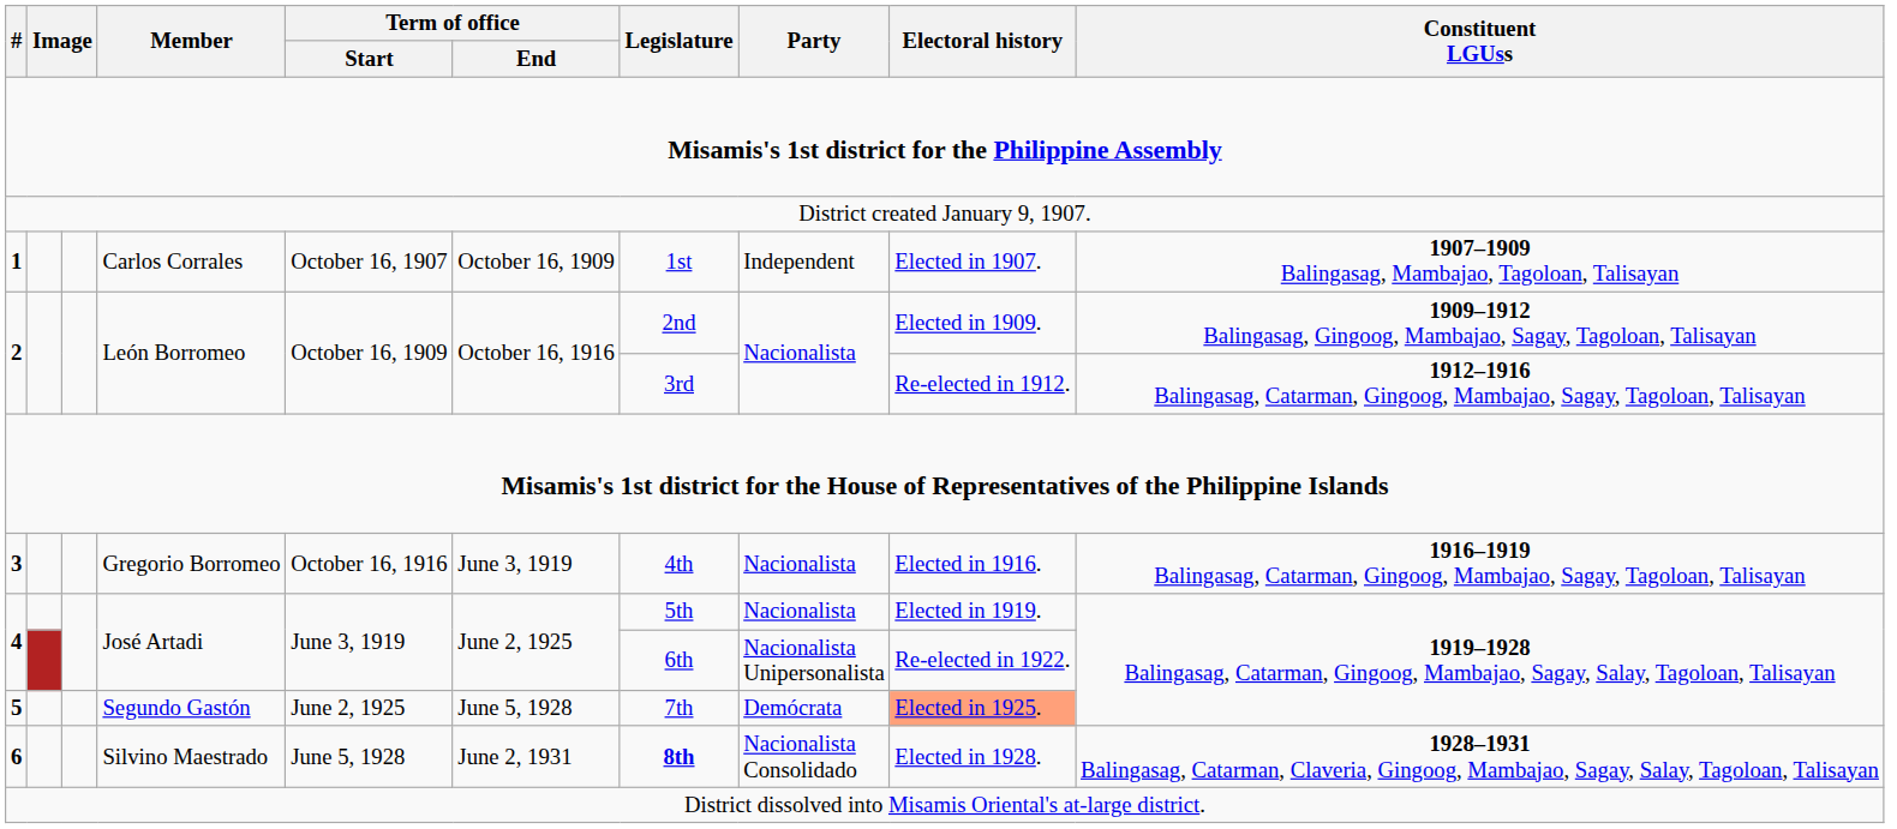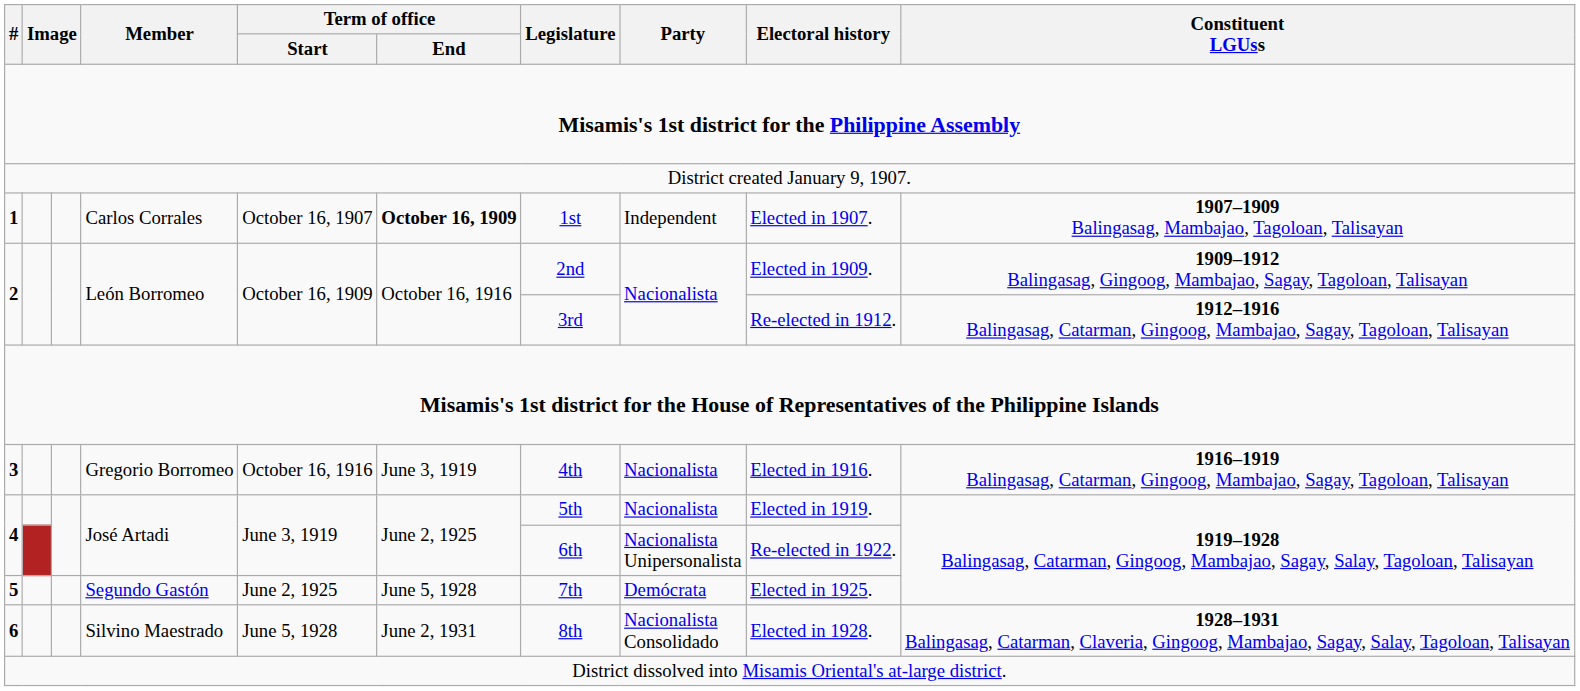 <table class=wikitable>
 <tr>
 <th rowspan="2">#</th>
 <th rowspan="2" colspan=2>Image</th>
 <th rowspan="2">Member</th>
 <th colspan=2>Term of office</th>
 <th rowspan="2">Legislature</th>
 <th rowspan="2">Party</th>
 <th rowspan="2">Electoral history</th>
 <th rowspan="2">Constituent<br><a href='#'>LGUs</a>s</th>
 </tr>
 <tr>
 <th>Start</th>
 <th>End</th>
 </tr>
 <tr>
 <td colspan="10" style="text-align:center;"><br><h3>Misamis's 1st district for the <a href='#'>Philippine Assembly</a></h3></td>
 </tr>
 <tr>
 <td colspan="10" style="text-align:center;">District created January 9, 1907.</td>
 </tr>
 <tr>
 <td style="text-align:center;"><strong>1</strong></td>
 <td style="background:"></td>
 <td></td>
 <td>Carlos Corrales</td>
 <td>October 16, 1907</td>
-<td>October 16, 1909</td>
+<td><strong>October 16, 1909</strong></td>
 <td style="text-align:center;"><a href='#'>1st</a></td>
 <td>Independent</td>
 <td><a href='#'>Elected in 1907</a>.</td>
 <td style="text-align:center;"><strong>1907–1909</strong><br><a href='#'>Balingasag</a>, <a href='#'>Mambajao</a>, <a href='#'>Tagoloan</a>, <a href='#'>Talisayan</a></td>
 </tr>
 <tr>
 <td rowspan="2" style="text-align:center;"><strong>2</strong></td>
 <td rowspan="2" style="background:"></td>
 <td rowspan="2"></td>
 <td rowspan="2">León Borromeo</td>
 <td rowspan="2">October 16, 1909</td>
 <td rowspan="2">October 16, 1916</td>
 <td style="text-align:center;"><a href='#'>2nd</a></td>
 <td rowspan="2"><a href='#'>Nacionalista</a></td>
 <td><a href='#'>Elected in 1909</a>.</td>
 <td style="text-align:center;"><strong>1909–1912</strong><br><a href='#'>Balingasag</a>, <a href='#'>Gingoog</a>, <a href='#'>Mambajao</a>, <a href='#'>Sagay</a>, <a href='#'>Tagoloan</a>, <a href='#'>Talisayan</a></td>
 </tr>
 <tr>
 <td style="text-align:center;"><a href='#'>3rd</a></td>
 <td><a href='#'>Re-elected in 1912</a>.</td>
 <td style="text-align:center;"><strong>1912–1916</strong><br><a href='#'>Balingasag</a>, <a href='#'>Catarman</a>, <a href='#'>Gingoog</a>, <a href='#'>Mambajao</a>, <a href='#'>Sagay</a>, <a href='#'>Tagoloan</a>, <a href='#'>Talisayan</a></td>
 </tr>
 <tr>
 <td colspan="10" style="text-align:center;"><br><h3>Misamis's 1st district for the House of Representatives of the Philippine Islands</h3></td>
 </tr>
 <tr>
 <td style="text-align:center;"><strong>3</strong></td>
 <td style="background:"></td>
 <td></td>
 <td>Gregorio Borromeo</td>
 <td>October 16, 1916</td>
 <td>June 3, 1919</td>
 <td style="text-align:center;"><a href='#'>4th</a></td>
 <td><a href='#'>Nacionalista</a></td>
 <td><a href='#'>Elected in 1916</a>.</td>
 <td style="text-align:center;"><strong>1916–1919</strong><br><a href='#'>Balingasag</a>, <a href='#'>Catarman</a>, <a href='#'>Gingoog</a>, <a href='#'>Mambajao</a>, <a href='#'>Sagay</a>, <a href='#'>Tagoloan</a>, <a href='#'>Talisayan</a></td>
 </tr>
 <tr>
 <td rowspan="2" style="text-align:center;"><strong>4</strong></td>
 <td style="background:"></td>
 <td rowspan="2"></td>
 <td rowspan="2">José Artadi</td>
 <td rowspan="2">June 3, 1919</td>
 <td rowspan="2">June 2, 1925</td>
 <td style="text-align:center;"><a href='#'>5th</a></td>
 <td><a href='#'>Nacionalista</a></td>
 <td><a href='#'>Elected in 1919</a>.</td>
 <td rowspan="3" style="text-align:center;"><strong>1919–1928</strong><br><a href='#'>Balingasag</a>, <a href='#'>Catarman</a>, <a href='#'>Gingoog</a>, <a href='#'>Mambajao</a>, <a href='#'>Sagay</a>, <a href='#'>Salay</a>, <a href='#'>Tagoloan</a>, <a href='#'>Talisayan</a></td>
 </tr>
 <tr>
 <td style="background-color:#B22222"></td>
 <td style="text-align:center;"><a href='#'>6th</a></td>
 <td><a href='#'>Nacionalista</a><br>Unipersonalista</td>
 <td><a href='#'>Re-elected in 1922</a>.</td>
 </tr>
 <tr>
 <td style="text-align:center;"><strong>5</strong></td>
 <td style="background:"></td>
 <td></td>
 <td><a href='#'>Segundo Gastón</a></td>
 <td>June 2, 1925</td>
 <td>June 5, 1928</td>
 <td style="text-align:center;"><a href='#'>7th</a></td>
 <td><a href='#'>Demócrata</a></td>
-<td style="background: lightsalmon;"><a href='#'>Elected in 1925</a>.</td>
+<td><a href='#'>Elected in 1925</a>.</td>
 </tr>
 <tr>
 <td style="text-align:center;"><strong>6</strong></td>
 <td style="background:"></td>
 <td></td>
 <td>Silvino Maestrado</td>
 <td>June 5, 1928</td>
 <td>June 2, 1931</td>
-<td style="text-align:center;"><strong><a href='#'>8th</a></strong></td>
+<td style="text-align:center;"><a href='#'>8th</a></td>
 <td><a href='#'>Nacionalista</a><br>Consolidado</td>
 <td><a href='#'>Elected in 1928</a>.</td>
 <td style="text-align:center;"><strong>1928–1931</strong><br><a href='#'>Balingasag</a>, <a href='#'>Catarman</a>, <a href='#'>Claveria</a>, <a href='#'>Gingoog</a>, <a href='#'>Mambajao</a>, <a href='#'>Sagay</a>, <a href='#'>Salay</a>, <a href='#'>Tagoloan</a>, <a href='#'>Talisayan</a></td>
 </tr>
 <tr>
 <td colspan="10" style="text-align:center;">District dissolved into <a href='#'>Misamis Oriental's at-large district</a>.</td>
 </tr>
 </table>
